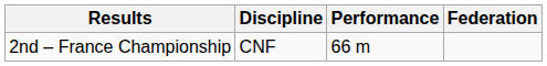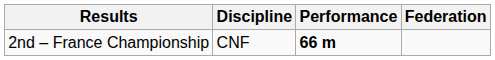 <table class="wikitable">
 <tr>
 <th>Results</th>
 <th>Discipline</th>
 <th>Performance</th>
 <th>Federation</th>
 </tr>
 <tr>
 <td>2nd – France Championship</td>
 <td>CNF</td>
-<td>66 m</td>
+<td><strong>66 m</strong></td>
 </tr>
 </table>
